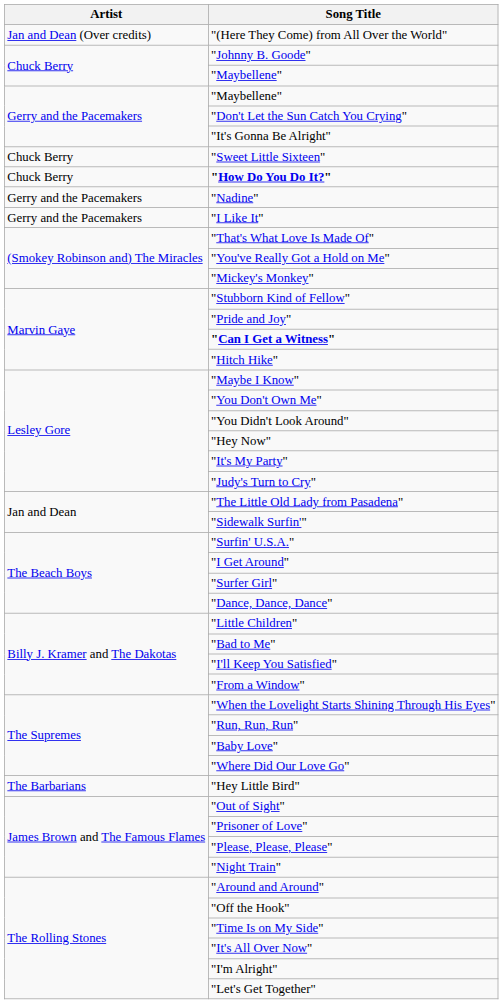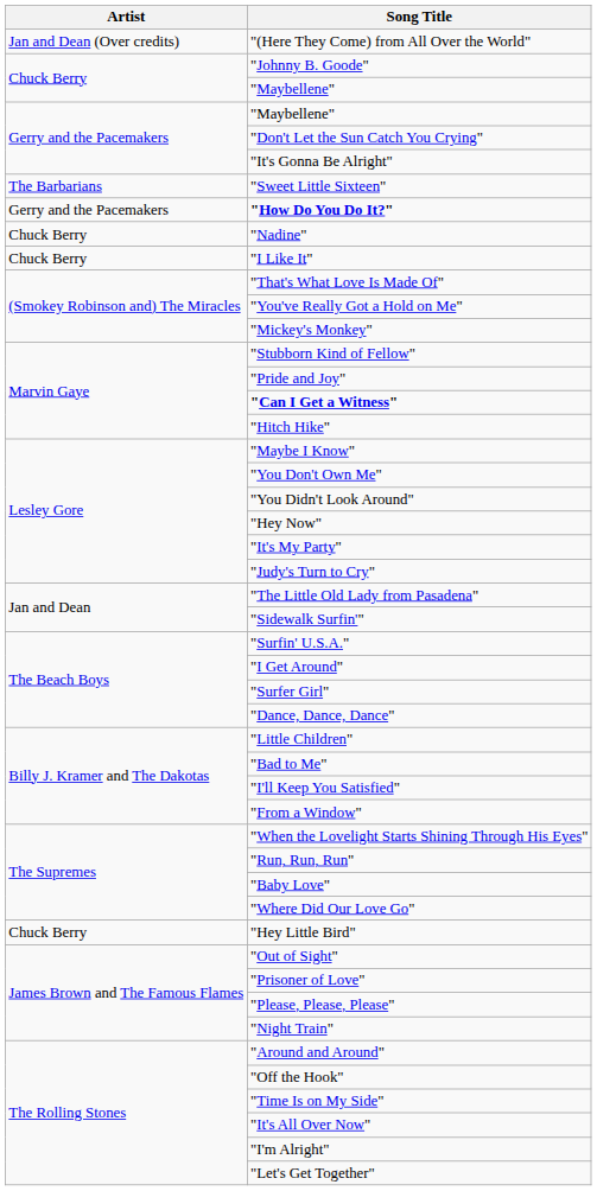 <table class="wikitable">
 <tr>
 <th><strong>Artist</strong></th>
 <th><strong>Song Title</strong></th>
 </tr>
 <tr>
 <td><a href='#'>Jan and Dean</a> (Over credits)</td>
 <td>"(Here They Come) from All Over the World"</td>
 </tr>
 <tr>
 <td rowspan="2"><a href='#'>Chuck Berry</a></td>
 <td>"<a href='#'>Johnny B. Goode</a>"</td>
 </tr>
 <tr>
 <td>"<a href='#'>Maybellene</a>"</td>
 </tr>
 <tr>
 <td rowspan="3"><a href='#'>Gerry and the Pacemakers</a></td>
 <td>"Maybellene"</td>
 </tr>
 <tr>
 <td>"<a href='#'>Don't Let the Sun Catch You Crying</a>"</td>
 </tr>
 <tr>
 <td>"It's Gonna Be Alright"</td>
 </tr>
 <tr>
-<td>Chuck Berry</td>
+<td><a href='#'>The Barbarians</a></td>
 <td>"<a href='#'>Sweet Little Sixteen</a>"</td>
 </tr>
 <tr>
-<td>Chuck Berry</td>
+<td>Gerry and the Pacemakers</td>
 <td><strong>"<a href='#'>How Do You Do It?</a>"</strong></td>
 </tr>
 <tr>
-<td>Gerry and the Pacemakers</td>
+<td>Chuck Berry</td>
 <td>"<a href='#'>Nadine</a>"</td>
 </tr>
 <tr>
-<td>Gerry and the Pacemakers</td>
+<td>Chuck Berry</td>
 <td>"<a href='#'>I Like It</a>"</td>
 </tr>
 <tr>
 <td rowspan="3"><a href='#'>(Smokey Robinson and) The Miracles</a></td>
 <td>"<a href='#'>That's What Love Is Made Of</a>"</td>
 </tr>
 <tr>
 <td>"<a href='#'>You've Really Got a Hold on Me</a>"</td>
 </tr>
 <tr>
 <td>"<a href='#'>Mickey's Monkey</a>"</td>
 </tr>
 <tr>
 <td rowspan="4"><a href='#'>Marvin Gaye</a></td>
 <td>"<a href='#'>Stubborn Kind of Fellow</a>"</td>
 </tr>
 <tr>
 <td>"<a href='#'>Pride and Joy</a>"</td>
 </tr>
 <tr>
 <td><strong>"<a href='#'>Can I Get a Witness</a>"</strong></td>
 </tr>
 <tr>
 <td>"<a href='#'>Hitch Hike</a>"</td>
 </tr>
 <tr>
 <td rowspan="6"><a href='#'>Lesley Gore</a></td>
 <td>"<a href='#'>Maybe I Know</a>"</td>
 </tr>
 <tr>
 <td>"<a href='#'>You Don't Own Me</a>"</td>
 </tr>
 <tr>
 <td>"You Didn't Look Around"</td>
 </tr>
 <tr>
 <td>"Hey Now"</td>
 </tr>
 <tr>
 <td>"<a href='#'>It's My Party</a>"</td>
 </tr>
 <tr>
 <td>"<a href='#'>Judy's Turn to Cry</a>"</td>
 </tr>
 <tr>
 <td rowspan="2">Jan and Dean</td>
 <td>"<a href='#'>The Little Old Lady from Pasadena</a>"</td>
 </tr>
 <tr>
 <td>"<a href='#'>Sidewalk Surfin'</a>"</td>
 </tr>
 <tr>
 <td rowspan="4"><a href='#'>The Beach Boys</a></td>
 <td>"<a href='#'>Surfin' U.S.A.</a>"</td>
 </tr>
 <tr>
 <td>"<a href='#'>I Get Around</a>"</td>
 </tr>
 <tr>
 <td>"<a href='#'>Surfer Girl</a>"</td>
 </tr>
 <tr>
 <td>"<a href='#'>Dance, Dance, Dance</a>"</td>
 </tr>
 <tr>
 <td rowspan="4"><a href='#'>Billy J. Kramer</a> and <a href='#'>The Dakotas</a></td>
 <td>"<a href='#'>Little Children</a>"</td>
 </tr>
 <tr>
 <td>"<a href='#'>Bad to Me</a>"</td>
 </tr>
 <tr>
 <td>"<a href='#'>I'll Keep You Satisfied</a>"</td>
 </tr>
 <tr>
 <td>"<a href='#'>From a Window</a>"</td>
 </tr>
 <tr>
 <td rowspan="4"><a href='#'>The Supremes</a></td>
 <td>"<a href='#'>When the Lovelight Starts Shining Through His Eyes</a>"</td>
 </tr>
 <tr>
 <td>"<a href='#'>Run, Run, Run</a>"</td>
 </tr>
 <tr>
 <td>"<a href='#'>Baby Love</a>"</td>
 </tr>
 <tr>
 <td>"<a href='#'>Where Did Our Love Go</a>"</td>
 </tr>
 <tr>
-<td><a href='#'>The Barbarians</a></td>
+<td>Chuck Berry</td>
 <td>"Hey Little Bird"</td>
 </tr>
 <tr>
 <td rowspan="4"><a href='#'>James Brown</a> and <a href='#'>The Famous Flames</a></td>
 <td>"<a href='#'>Out of Sight</a>"</td>
 </tr>
 <tr>
 <td>"<a href='#'>Prisoner of Love</a>"</td>
 </tr>
 <tr>
 <td>"<a href='#'>Please, Please, Please</a>"</td>
 </tr>
 <tr>
 <td>"<a href='#'>Night Train</a>"</td>
 </tr>
 <tr>
 <td rowspan="6"><a href='#'>The Rolling Stones</a></td>
 <td>"<a href='#'>Around and Around</a>"</td>
 </tr>
 <tr>
 <td>"Off the Hook"</td>
 </tr>
 <tr>
 <td>"<a href='#'>Time Is on My Side</a>"</td>
 </tr>
 <tr>
 <td>"<a href='#'>It's All Over Now</a>"</td>
 </tr>
 <tr>
 <td>"I'm Alright"</td>
 </tr>
 <tr>
 <td>"Let's Get Together"</td>
 </tr>
 </table>
